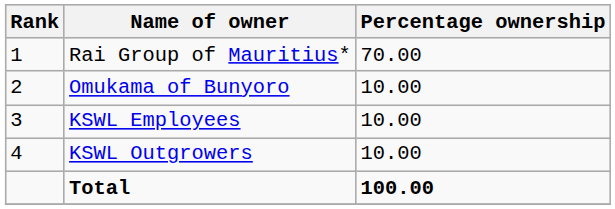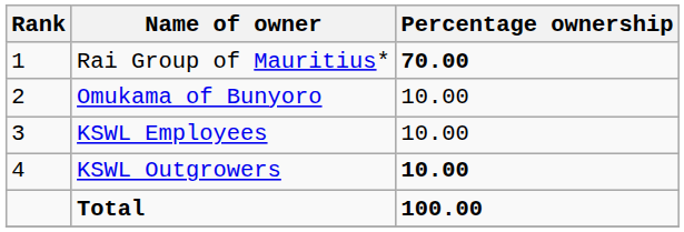 <table class="wikitable sortable" style="margin-left:auto;margin-right:auto">
 <tr>
 <th style="width:2em;">Rank</th>
 <th>Name of owner</th>
 <th>Percentage ownership</th>
 </tr>
 <tr>
 <td>1</td>
 <td>Rai Group of <a href='#'>Mauritius</a>*</td>
-<td>70.00</td>
+<td><strong>70.00</strong></td>
 </tr>
 <tr>
 <td>2</td>
 <td><a href='#'>Omukama of Bunyoro</a></td>
 <td>10.00</td>
 </tr>
 <tr>
 <td>3</td>
 <td><a href='#'>KSWL Employees</a></td>
 <td>10.00</td>
 </tr>
 <tr>
 <td>4</td>
 <td><a href='#'>KSWL Outgrowers</a></td>
-<td>10.00</td>
+<td><strong>10.00</strong></td>
 </tr>
 <tr>
 <td></td>
 <td><strong>Total</strong></td>
 <td><strong>100.00</strong></td>
 </tr>
 <tr>
 </tr>
 </table>
